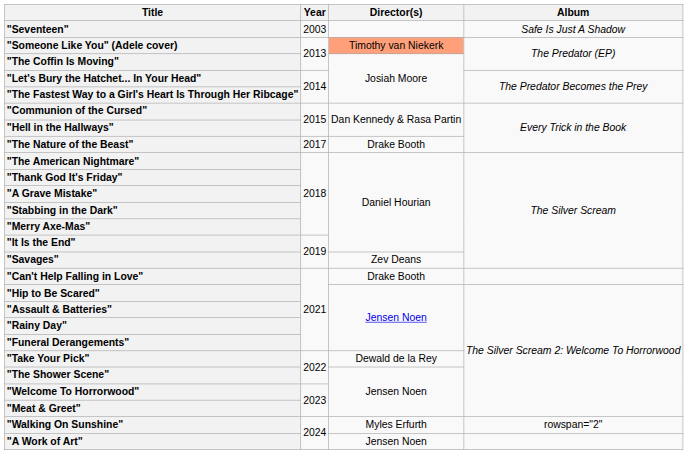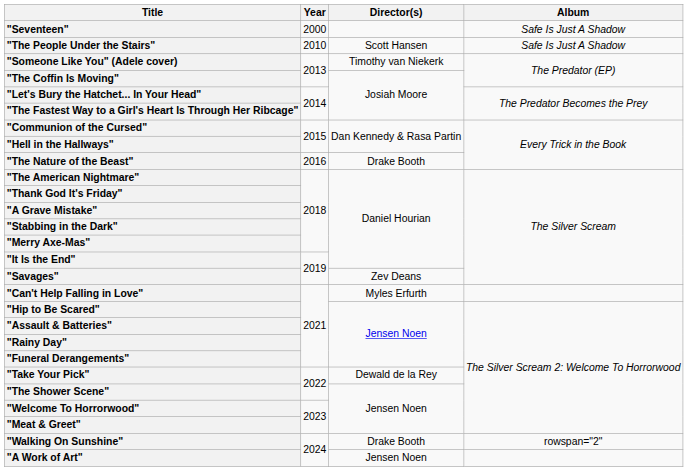 <table class="wikitable plainrowheaders" style="text-align:center;">
 <tr>
 <th scope=col>Title</th>
 <th scope=col>Year</th>
 <th scope=col>Director(s)</th>
 <th scope=col>Album</th>
 </tr>
 <tr>
 <th scope="row" style="text-align:left;">"Seventeen"</th>
-<td style="text-align:center;">2003</td>
+<td style="text-align:center;">2000</td>
 <td style="text-align:center;"></td>
+<td><em>Safe Is Just A Shadow</em></td>
+</tr>
+<tr>
+<th scope="row" style="text-align:left;">"The People Under the Stairs"</th>
+<td style="text-align:center;">2010</td>
+<td style="text-align:center;">Scott Hansen</td>
 <td><em>Safe Is Just A Shadow</em></td>
 </tr>
 <tr>
 <th scope="row" style="text-align:left;">"Someone Like You" (Adele cover)</th>
 <td rowspan="2" style="text-align:center;">2013</td>
-<td style="background: lightsalmon; text-align:center;">Timothy van Niekerk</td>
+<td style="text-align:center;">Timothy van Niekerk</td>
 <td rowspan="2"><em>The Predator (EP)</em></td>
 </tr>
 <tr>
 <th scope="row" style="text-align:left;">"The Coffin Is Moving"</th>
 <td rowspan="3" style="text-align:center;">Josiah Moore</td>
 </tr>
 <tr>
 <th scope="row" style="text-align:left;">"Let's Bury the Hatchet... In Your Head"</th>
 <td rowspan="2" style="text-align:center;">2014</td>
 <td rowspan="2"><em>The Predator Becomes the Prey</em></td>
 </tr>
 <tr>
 <th scope="row" style="text-align:left;">"The Fastest Way to a Girl's Heart Is Through Her Ribcage"</th>
 </tr>
 <tr>
 <th scope="row" style="text-align:left;">"Communion of the Cursed"</th>
 <td rowspan="2" style="text-align:center;">2015</td>
 <td rowspan="2" style="text-align:center;">Dan Kennedy & Rasa Partin</td>
 <td rowspan="3"><em>Every Trick in the Book</em></td>
 </tr>
 <tr>
 <th scope="row" style="text-align:left;">"Hell in the Hallways"</th>
 </tr>
 <tr>
 <th scope="row" style="text-align:left;">"The Nature of the Beast"</th>
-<td style="text-align:center;">2017</td>
+<td style="text-align:center;">2016</td>
 <td style="text-align:center;">Drake Booth</td>
 </tr>
 <tr>
 <th scope="row" style="text-align:left;">"The American Nightmare"</th>
 <td rowspan="5" style="text-align:center;">2018</td>
 <td rowspan="6" style="text-align:center;">Daniel Hourian</td>
 <td rowspan="7"><em>The Silver Scream</em></td>
 </tr>
 <tr>
 <th scope="row" style="text-align:left;">"Thank God It's Friday"</th>
 </tr>
 <tr>
 <th scope="row" style="text-align:left;">"A Grave Mistake"</th>
 </tr>
 <tr>
 <th scope="row" style="text-align:left;">"Stabbing in the Dark"</th>
 </tr>
 <tr>
 <th scope="row" style="text-align:left;">"Merry Axe-Mas"</th>
 </tr>
 <tr>
 <th scope="row" style="text-align:left;">"It Is the End"</th>
 <td rowspan="2" style="text-align:center;">2019</td>
 </tr>
 <tr>
 <th scope="row" style="text-align:left;">"Savages"</th>
 <td style="text-align:center;">Zev Deans</td>
 </tr>
 <tr>
 <th scope="row" style="text-align:left;">"Can't Help Falling in Love"</th>
 <td rowspan="5" style="text-align:center;">2021</td>
-<td style="text-align:center;">Drake Booth</td>
+<td style="text-align:center;">Myles Erfurth</td>
 <td></td>
 </tr>
 <tr>
 <th scope="row" style="text-align:left;">"Hip to Be Scared"<br></th>
 <td rowspan="4" style="text-align:center;"><a href='#'>Jensen Noen</a></td>
 <td rowspan="8"><em>The Silver Scream 2: Welcome To Horrorwood</em></td>
 </tr>
 <tr>
 <th scope="row" style="text-align:left;">"Assault & Batteries"</th>
 </tr>
 <tr>
 <th scope="row" style="text-align:left;">"Rainy Day"</th>
 </tr>
 <tr>
 <th scope="row" style="text-align:left;">"Funeral Derangements"</th>
 </tr>
 <tr>
 <th scope="row" style="text-align:left;">"Take Your Pick"<br></th>
 <td rowspan="2">2022</td>
 <td style="text-align:center;">Dewald de la Rey</td>
 </tr>
 <tr>
 <th scope="row" style="text-align:left;">"The Shower Scene"</th>
 <td style="text-align:center;" rowspan="3">Jensen Noen</td>
 </tr>
 <tr>
 <th scope="row" style="text-align:left;">"Welcome To Horrorwood"</th>
 <td rowspan="2">2023</td>
 </tr>
 <tr>
 <th scope="row" style="text-align:left;">"Meat & Greet"</th>
 </tr>
 <tr>
 <th scope="row" style="text-align:left;">"Walking On Sunshine"</th>
 <td rowspan="2">2024</td>
-<td style="text-align:center;">Myles Erfurth</td>
+<td style="text-align:center;">Drake Booth</td>
 <td>rowspan="2" </td>
 </tr>
 <tr>
 <th scope="row" style="text-align:left;">"A Work of Art"</th>
 <td style="text-align:center;">Jensen Noen</td>
 </tr>
 </table>
